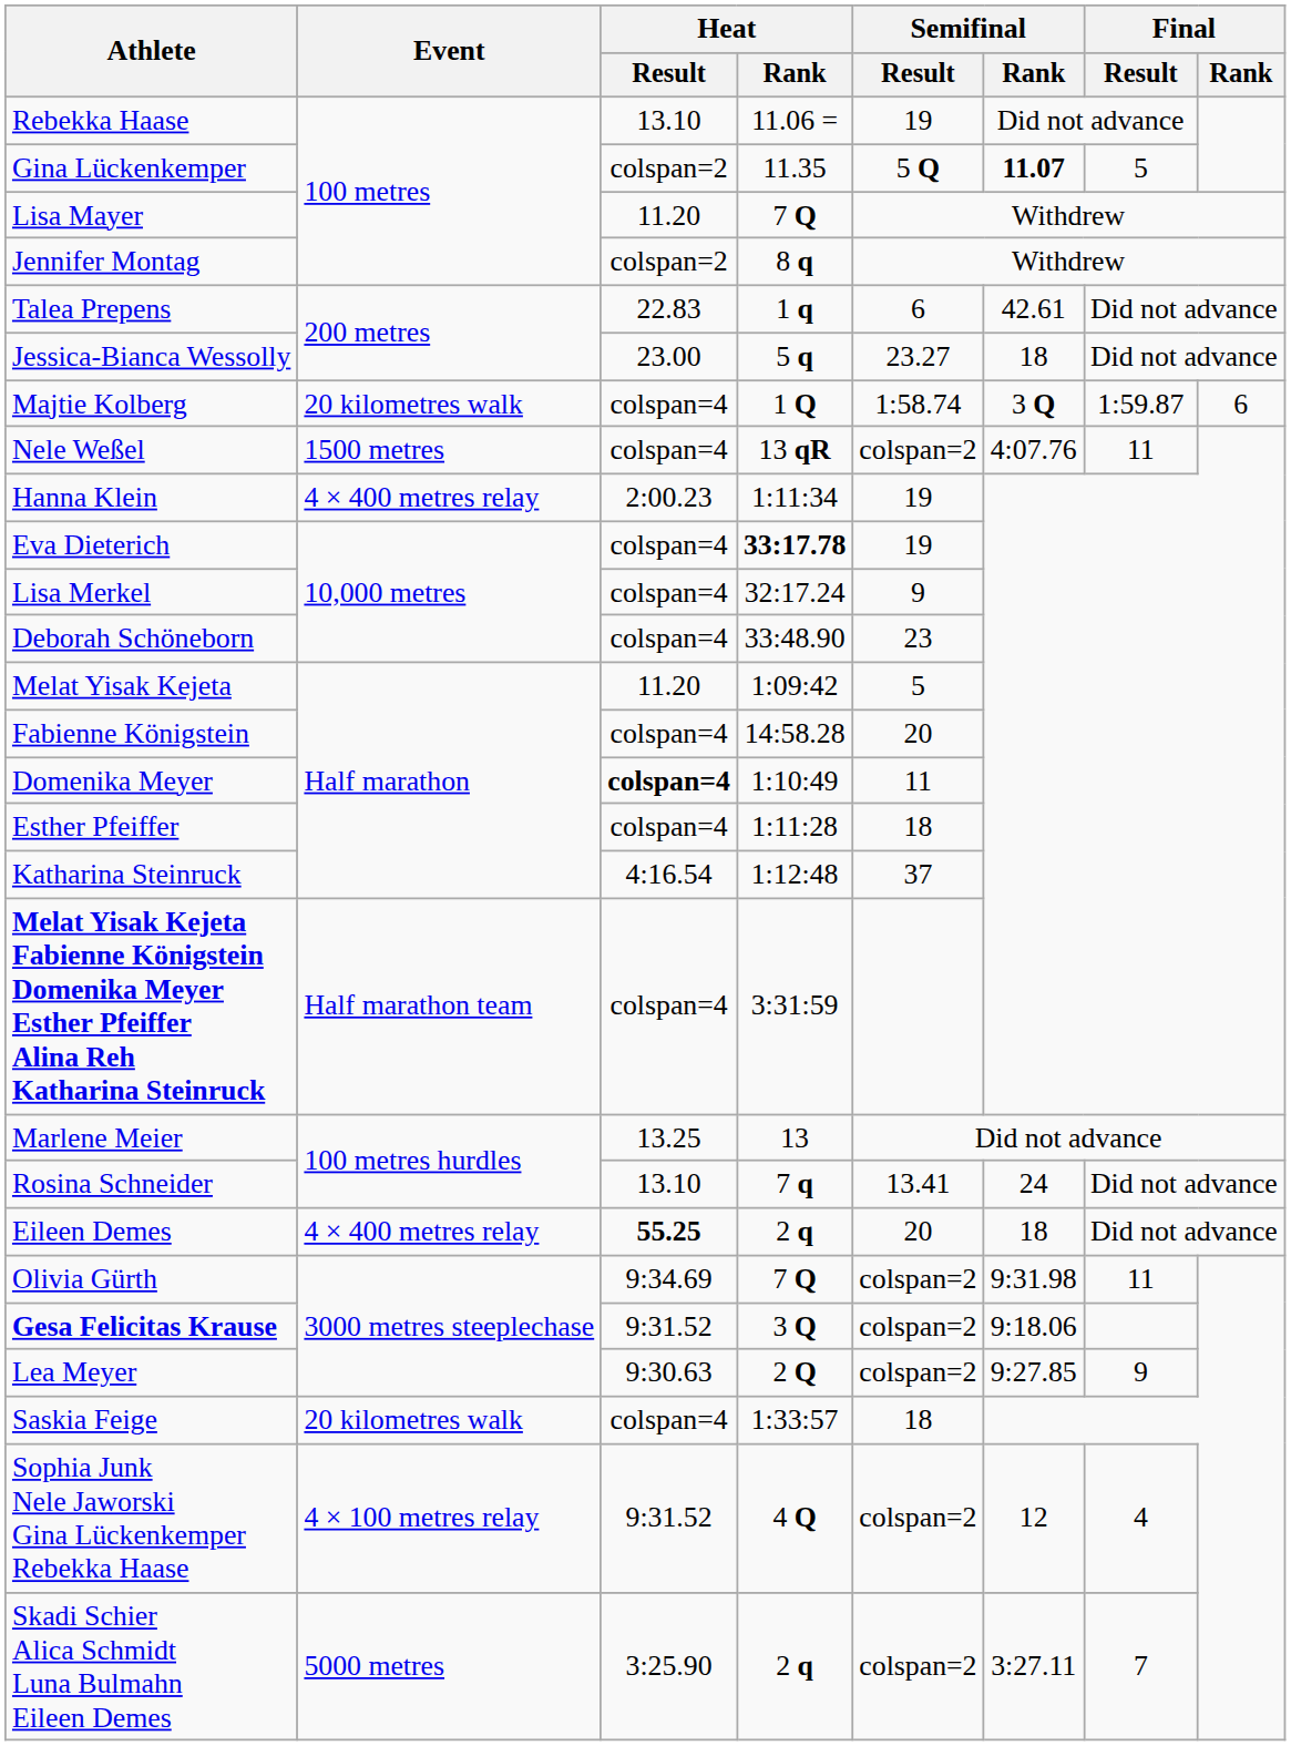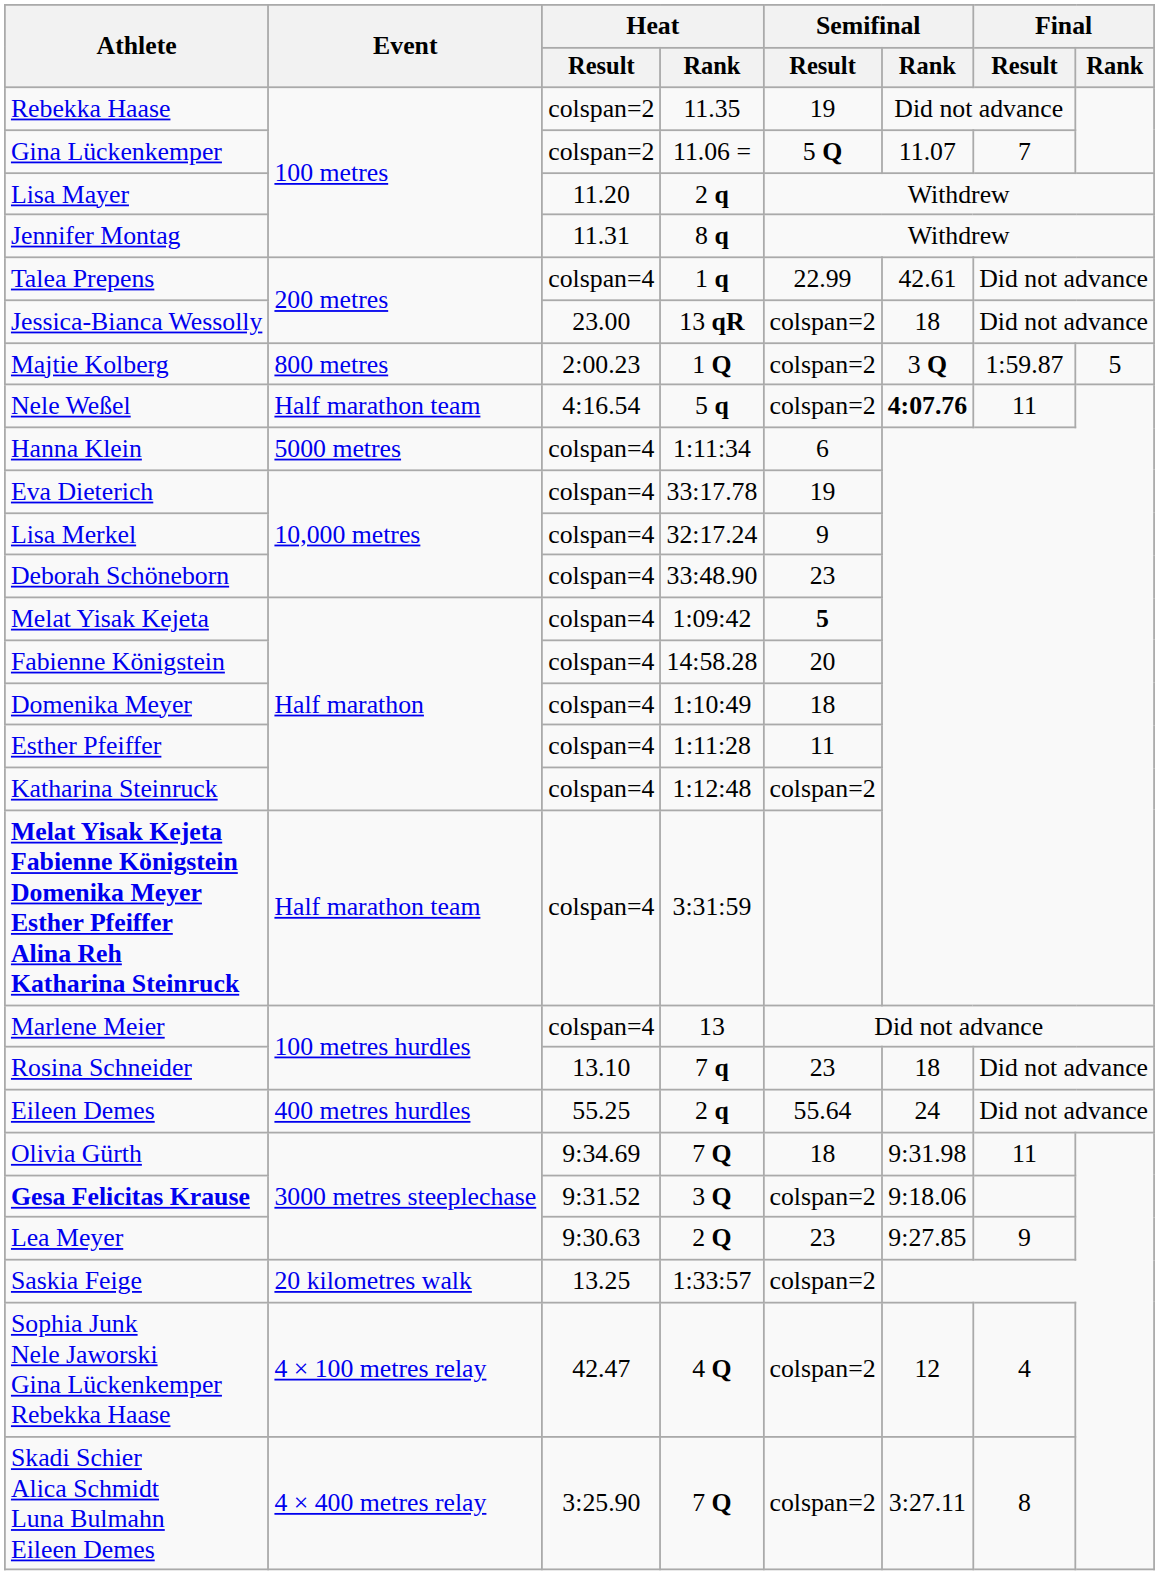 <table class=wikitable style=font-size:90%>
 <tr>
 <th rowspan=2>Athlete</th>
 <th rowspan=2>Event</th>
 <th colspan=2>Heat</th>
 <th colspan=2>Semifinal</th>
 <th colspan=2>Final</th>
 </tr>
 <tr style=font-size:95%>
 <th>Result</th>
 <th>Rank</th>
 <th>Result</th>
 <th>Rank</th>
 <th>Result</th>
 <th>Rank</th>
 </tr>
 <tr align=center>
 <td align=left><a href='#'>Rebekka Haase</a></td>
 <td align=left rowspan=4><a href='#'>100 metres</a></td>
-<td>13.10</td>
-<td>11.06 =</td>
+<td>colspan=2</td>
+<td>11.35</td>
 <td>19</td>
 <td colspan=2>Did not advance</td>
 </tr>
 <tr align=center>
 <td align=left><a href='#'>Gina Lückenkemper</a></td>
 <td>colspan=2</td>
-<td>11.35</td>
+<td>11.06 =</td>
 <td>5 <strong>Q</strong></td>
-<td><strong>11.07</strong></td>
-<td>5</td>
+<td>11.07</td>
+<td>7</td>
 </tr>
 <tr align=center>
 <td align=left><a href='#'>Lisa Mayer</a></td>
 <td>11.20</td>
-<td>7 <strong>Q</strong></td>
+<td>2 <strong>q</strong></td>
 <td colspan=4>Withdrew</td>
 </tr>
 <tr align=center>
 <td align=left><a href='#'>Jennifer Montag</a></td>
-<td>colspan=2</td>
+<td>11.31 </td>
 <td>8 <strong>q</strong></td>
 <td colspan=4>Withdrew</td>
 </tr>
 <tr align=center>
 <td align=left><a href='#'>Talea Prepens</a></td>
 <td align=left rowspan=2><a href='#'>200 metres</a></td>
-<td>22.83 </td>
+<td>colspan=4</td>
 <td>1 <strong>q</strong></td>
-<td>6</td>
+<td>22.99</td>
 <td>42.61</td>
 <td colspan=2>Did not advance</td>
 </tr>
 <tr align=center>
 <td align=left><a href='#'>Jessica-Bianca Wessolly</a></td>
 <td>23.00 </td>
-<td>5 <strong>q</strong></td>
-<td>23.27</td>
+<td>13 <strong>qR</strong></td>
+<td>colspan=2</td>
 <td>18</td>
 <td colspan=2>Did not advance</td>
 </tr>
 <tr align=center>
 <td align=left><a href='#'>Majtie Kolberg</a></td>
-<td align=left><a href='#'>20 kilometres walk</a></td>
-<td>colspan=4</td>
+<td align=left><a href='#'>800 metres</a></td>
+<td>2:00.23 </td>
 <td>1 <strong>Q</strong></td>
-<td>1:58.74 </td>
+<td>colspan=2</td>
 <td>3 <strong>Q</strong></td>
 <td>1:59.87</td>
-<td>6</td>
+<td>5</td>
 </tr>
 <tr align=center>
 <td align=left><a href='#'>Nele Weßel</a></td>
-<td align=left><a href='#'>1500 metres</a></td>
-<td>colspan=4</td>
-<td>13 <strong>qR</strong></td>
+<td align=left><a href='#'>Half marathon team</a></td>
+<td>4:16.54</td>
+<td>5 <strong>q</strong></td>
 <td>colspan=2</td>
-<td>4:07.76</td>
+<td><strong>4:07.76</strong></td>
 <td>11</td>
 </tr>
 <tr align=center>
 <td align=left><a href='#'>Hanna Klein</a></td>
-<td align=left><a href='#'>4 × 400 metres relay</a></td>
-<td>2:00.23 </td>
+<td align=left><a href='#'>5000 metres</a></td>
+<td>colspan=4</td>
 <td>1:11:34</td>
-<td>19</td>
+<td>6</td>
 </tr>
 <tr align=center>
 <td align=left><a href='#'>Eva Dieterich</a></td>
 <td align=left rowspan=3><a href='#'>10,000 metres</a></td>
 <td>colspan=4</td>
-<td><strong>33:17.78</strong></td>
+<td>33:17.78</td>
 <td>19</td>
 </tr>
 <tr align=center>
 <td align=left><a href='#'>Lisa Merkel</a></td>
 <td>colspan=4</td>
 <td>32:17.24</td>
 <td>9</td>
 </tr>
 <tr align=center>
 <td align=left><a href='#'>Deborah Schöneborn</a></td>
 <td>colspan=4</td>
 <td>33:48.90 </td>
 <td>23</td>
 </tr>
 <tr align=center>
 <td align=left><a href='#'>Melat Yisak Kejeta</a></td>
 <td align=left rowspan=5><a href='#'>Half marathon</a></td>
-<td>11.20</td>
+<td>colspan=4</td>
 <td>1:09:42</td>
-<td>5</td>
+<td><strong>5</strong></td>
 </tr>
 <tr align=center>
 <td align=left><a href='#'>Fabienne Königstein</a></td>
 <td>colspan=4</td>
 <td>14:58.28 </td>
 <td>20</td>
 </tr>
 <tr align=center>
 <td align=left><a href='#'>Domenika Meyer</a></td>
-<td><strong>colspan=4</strong></td>
+<td>colspan=4</td>
 <td>1:10:49</td>
-<td>11</td>
+<td>18</td>
 </tr>
 <tr align=center>
 <td align=left><a href='#'>Esther Pfeiffer</a></td>
 <td>colspan=4</td>
 <td>1:11:28</td>
-<td>18</td>
+<td>11</td>
 </tr>
 <tr align=center>
 <td align=left><a href='#'>Katharina Steinruck</a></td>
-<td>4:16.54</td>
+<td>colspan=4</td>
 <td>1:12:48</td>
-<td>37</td>
+<td>colspan=2</td>
 </tr>
 <tr align=center>
 <td align=left><strong><a href='#'>Melat Yisak Kejeta</a><br><a href='#'>Fabienne Königstein</a><br><a href='#'>Domenika Meyer</a><br><a href='#'>Esther Pfeiffer</a><br><a href='#'>Alina Reh</a><br><a href='#'>Katharina Steinruck</a></strong></td>
 <td align=left><a href='#'>Half marathon team</a></td>
 <td>colspan=4</td>
 <td>3:31:59</td>
 <td></td>
 </tr>
 <tr align=center>
 <td align=left><a href='#'>Marlene Meier</a></td>
 <td align=left rowspan=2><a href='#'>100 metres hurdles</a></td>
-<td>13.25</td>
+<td>colspan=4</td>
 <td>13</td>
 <td colspan=4>Did not advance</td>
 </tr>
 <tr align=center>
 <td align=left><a href='#'>Rosina Schneider</a></td>
 <td>13.10</td>
 <td>7 <strong>q</strong></td>
-<td>13.41</td>
-<td>24</td>
+<td>23</td>
+<td>18</td>
 <td colspan=2>Did not advance</td>
 </tr>
 <tr align=center>
 <td align=left><a href='#'>Eileen Demes</a></td>
-<td align=left><a href='#'>4 × 400 metres relay</a></td>
-<td><strong>55.25 </strong></td>
+<td align=left><a href='#'>400 metres hurdles</a></td>
+<td>55.25 </td>
 <td>2 <strong>q</strong></td>
-<td>20</td>
-<td>18</td>
+<td>55.64</td>
+<td>24</td>
 <td colspan=2>Did not advance</td>
 </tr>
 <tr align=center>
 <td align=left><a href='#'>Olivia Gürth</a></td>
 <td align=left rowspan=3><a href='#'>3000 metres steeplechase</a></td>
 <td>9:34.69</td>
 <td>7 <strong>Q</strong></td>
-<td>colspan=2</td>
+<td>18</td>
 <td>9:31.98</td>
 <td>11</td>
 </tr>
 <tr align=center>
 <td align=left><strong><a href='#'>Gesa Felicitas Krause</a></strong></td>
 <td>9:31.52</td>
 <td>3 <strong>Q</strong></td>
 <td>colspan=2</td>
 <td>9:18.06</td>
 <td></td>
 </tr>
 <tr align=center>
 <td align=left><a href='#'>Lea Meyer</a></td>
 <td>9:30.63</td>
 <td>2 <strong>Q</strong></td>
-<td>colspan=2</td>
+<td>23</td>
 <td>9:27.85</td>
 <td>9</td>
 </tr>
 <tr align=center>
 <td align=left><a href='#'>Saskia Feige</a></td>
 <td align=left><a href='#'>20 kilometres walk</a></td>
-<td>colspan=4</td>
+<td>13.25</td>
 <td>1:33:57 </td>
-<td>18</td>
+<td>colspan=2</td>
 </tr>
 <tr align=center>
 <td align=left><a href='#'>Sophia Junk</a><br><a href='#'>Nele Jaworski</a><br><a href='#'>Gina Lückenkemper</a><br><a href='#'>Rebekka Haase</a></td>
 <td align=left><a href='#'>4 × 100 metres relay</a></td>
-<td>9:31.52</td>
+<td>42.47 </td>
 <td>4 <strong>Q</strong></td>
 <td>colspan=2</td>
 <td>12</td>
 <td>4</td>
 </tr>
 <tr align=center>
 <td align=left><a href='#'>Skadi Schier</a><br><a href='#'>Alica Schmidt</a><br><a href='#'>Luna Bulmahn</a><br><a href='#'>Eileen Demes</a></td>
-<td align=left><a href='#'>5000 metres</a></td>
+<td align=left><a href='#'>4 × 400 metres relay</a></td>
 <td>3:25.90 </td>
-<td>2 <strong>q</strong></td>
+<td>7 <strong>Q</strong></td>
 <td>colspan=2</td>
 <td>3:27.11</td>
-<td>7</td>
+<td>8</td>
 </tr>
 </table>
